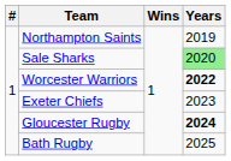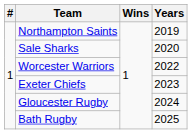 <table class="wikitable">
 <tr>
 <th>#</th>
 <th>Team</th>
 <th>Wins</th>
 <th>Years</th>
 </tr>
 <tr>
 <td rowspan=6>1</td>
 <td><a href='#'>Northampton Saints</a></td>
 <td rowspan=6>1</td>
 <td>2019</td>
 </tr>
 <tr>
 <td><a href='#'>Sale Sharks</a></td>
-<td style="background: lightgreen;">2020</td>
+<td>2020</td>
 </tr>
 <tr>
 <td><a href='#'>Worcester Warriors</a></td>
-<td><strong>2022</strong></td>
+<td>2022</td>
 </tr>
 <tr>
 <td><a href='#'>Exeter Chiefs</a></td>
 <td>2023</td>
 </tr>
 <tr>
 <td><a href='#'>Gloucester Rugby</a></td>
-<td><strong>2024</strong></td>
+<td>2024</td>
 </tr>
 <tr>
 <td><a href='#'>Bath Rugby</a></td>
 <td>2025</td>
 </tr>
 </table>
